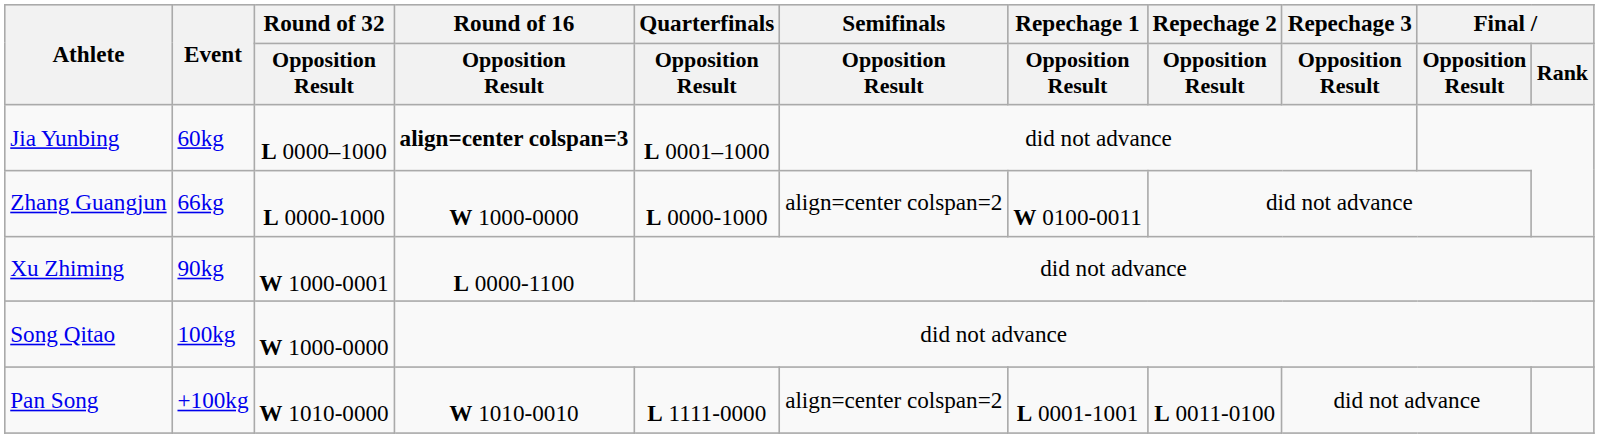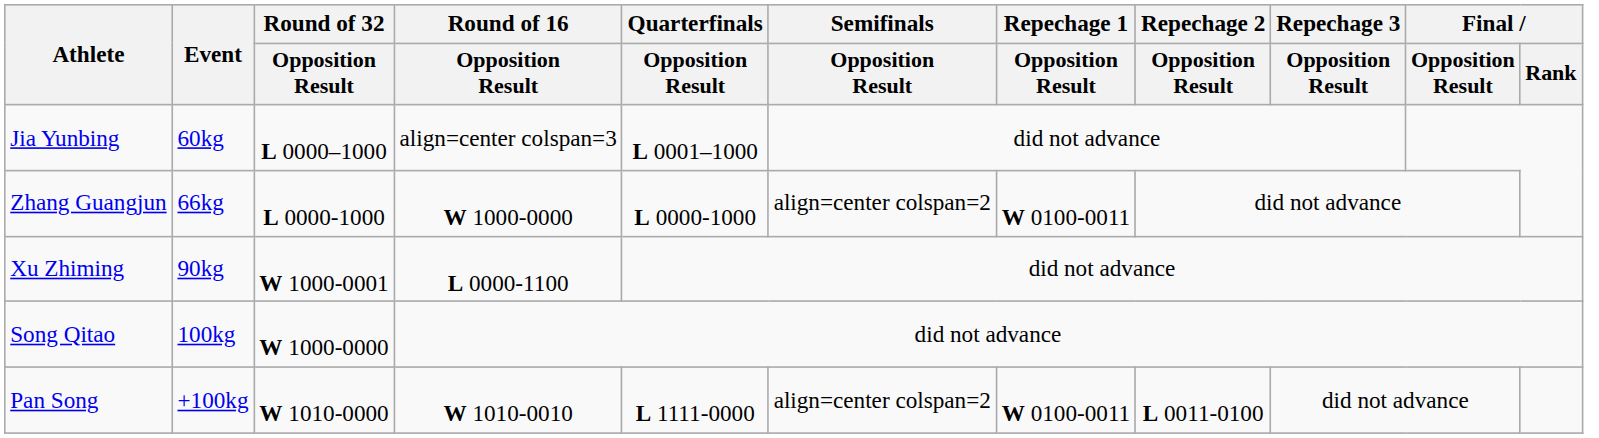 <table class="wikitable" style="font-size:90%">
 <tr>
 <th rowspan="2">Athlete</th>
 <th rowspan="2">Event</th>
 <th>Round of 32</th>
 <th>Round of 16</th>
 <th>Quarterfinals</th>
 <th>Semifinals</th>
 <th>Repechage 1</th>
 <th>Repechage 2</th>
 <th>Repechage 3</th>
 <th colspan=2>Final / </th>
 </tr>
 <tr style="font-size:95%">
 <th>Opposition<br>Result</th>
 <th>Opposition<br>Result</th>
 <th>Opposition<br>Result</th>
 <th>Opposition<br>Result</th>
 <th>Opposition<br>Result</th>
 <th>Opposition<br>Result</th>
 <th>Opposition<br>Result</th>
 <th>Opposition<br>Result</th>
 <th>Rank</th>
 </tr>
 <tr>
 <td align=left><a href='#'>Jia Yunbing</a></td>
 <td align=left><a href='#'>60kg</a></td>
 <td align=center><br><strong>L</strong> 0000–1000</td>
-<td><strong>align=center colspan=3 </strong></td>
+<td>align=center colspan=3 </td>
 <td align=center><br><strong>L</strong> 0001–1000</td>
 <td align=center colspan=4>did not advance</td>
 </tr>
 <tr>
 <td align=left><a href='#'>Zhang Guangjun</a></td>
 <td align=left><a href='#'>66kg</a></td>
 <td align=center><br><strong>L</strong> 0000-1000</td>
 <td align=center><br><strong>W</strong> 1000-0000</td>
 <td align=center><br><strong>L</strong> 0000-1000</td>
 <td>align=center colspan=2 </td>
 <td align=center><br><strong>W</strong> 0100-0011</td>
 <td align=center colspan=3>did not advance</td>
 </tr>
 <tr>
 <td align=left><a href='#'>Xu Zhiming</a></td>
 <td align=left><a href='#'>90kg</a></td>
 <td align=center><br><strong>W</strong> 1000-0001</td>
 <td align=center><br><strong>L</strong> 0000-1100</td>
 <td align=center colspan=7>did not advance</td>
 </tr>
 <tr>
 <td align=left><a href='#'>Song Qitao</a></td>
 <td align=left><a href='#'>100kg</a></td>
 <td align=center><br><strong>W</strong> 1000-0000</td>
 <td align=center colspan=8>did not advance</td>
 </tr>
 <tr>
 <td align=left><a href='#'>Pan Song</a></td>
 <td align=left><a href='#'>+100kg</a></td>
 <td align=center><br><strong>W</strong> 1010-0000</td>
 <td align=center><br><strong>W</strong> 1010-0010</td>
 <td align=center><br><strong>L</strong> 1111-0000</td>
 <td>align=center colspan=2 </td>
-<td align=center><br><strong>L</strong> 0001-1001</td>
+<td align=center><br><strong>W</strong> 0100-0011</td>
 <td align=center><br><strong>L</strong> 0011-0100</td>
 <td align=center colspan=2>did not advance</td>
 </tr>
 </table>
